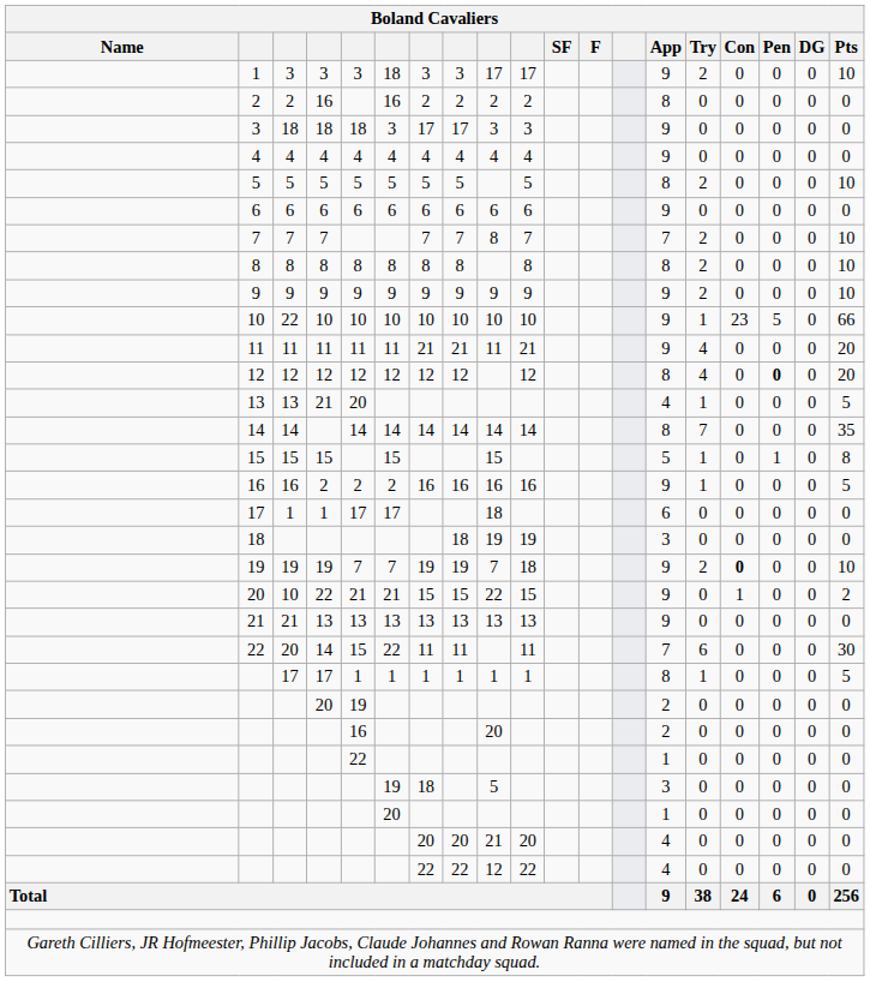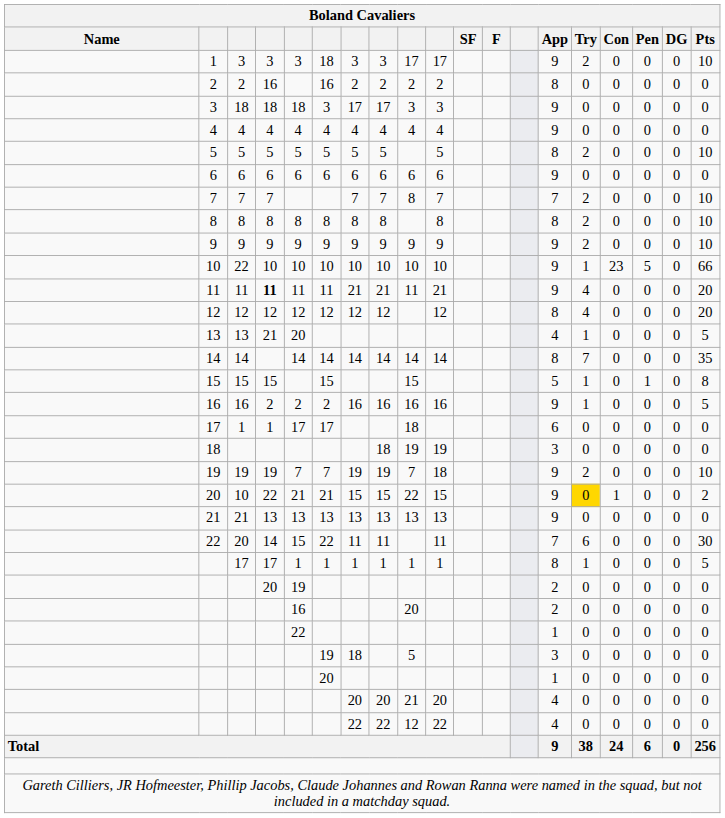 <table class="wikitable collapsible collapsed" style="text-align:center; font-size:100%; width:90%">
 <tr>
 <th colspan="100%">Boland Cavaliers</th>
 </tr>
 <tr>
 <th style="width:28%;">Name</th>
 <th style="width:4%;"></th>
 <th style="width:4%;"></th>
 <th style="width:4%;"></th>
 <th style="width:4%;"></th>
 <th style="width:4%;"></th>
 <th style="width:4%;"></th>
 <th style="width:4%;"></th>
 <th style="width:4%;"></th>
 <th style="width:4%;"></th>
 <th style="width:4%;">SF</th>
 <th style="width:4%;">F</th>
 <th style="width:4%;"></th>
 <th style="width:4%;">App</th>
 <th style="width:4%;">Try</th>
 <th style="width:4%;">Con</th>
 <th style="width:4%;">Pen</th>
 <th style="width:4%;">DG</th>
 <th style="width:4%;">Pts</th>
 </tr>
 <tr>
 <td style="text-align:left;"></td>
 <td>1</td>
 <td>3</td>
 <td>3</td>
 <td>3</td>
 <td>18 </td>
 <td>3</td>
 <td>3</td>
 <td>17 </td>
 <td>17 </td>
 <td></td>
 <td></td>
 <td style="background:#EBECF0;"></td>
 <td>9</td>
 <td>2</td>
 <td>0</td>
 <td>0</td>
 <td>0</td>
 <td>10</td>
 </tr>
 <tr>
 <td style="text-align:left;"></td>
 <td>2</td>
 <td>2</td>
 <td>16 </td>
 <td></td>
 <td>16 </td>
 <td>2</td>
 <td>2</td>
 <td>2</td>
 <td>2</td>
 <td></td>
 <td></td>
 <td style="background:#EBECF0;"></td>
 <td>8</td>
 <td>0</td>
 <td>0</td>
 <td>0</td>
 <td>0</td>
 <td>0</td>
 </tr>
 <tr>
 <td style="text-align:left;"></td>
 <td>3</td>
 <td>18 </td>
 <td>18 </td>
 <td>18 </td>
 <td>3</td>
 <td>17 </td>
 <td>17 </td>
 <td>3</td>
 <td>3</td>
 <td></td>
 <td></td>
 <td style="background:#EBECF0;"></td>
 <td>9</td>
 <td>0</td>
 <td>0</td>
 <td>0</td>
 <td>0</td>
 <td>0</td>
 </tr>
 <tr>
 <td style="text-align:left;"></td>
 <td>4</td>
 <td>4</td>
 <td>4</td>
 <td>4</td>
 <td>4</td>
 <td>4</td>
 <td>4</td>
 <td>4</td>
 <td>4</td>
 <td></td>
 <td></td>
 <td style="background:#EBECF0;"></td>
 <td>9</td>
 <td>0</td>
 <td>0</td>
 <td>0</td>
 <td>0</td>
 <td>0</td>
 </tr>
 <tr>
 <td style="text-align:left;"></td>
 <td>5</td>
 <td>5</td>
 <td>5</td>
 <td>5</td>
 <td>5</td>
 <td>5</td>
 <td>5</td>
 <td></td>
 <td>5</td>
 <td></td>
 <td></td>
 <td style="background:#EBECF0;"></td>
 <td>8</td>
 <td>2</td>
 <td>0</td>
 <td>0</td>
 <td>0</td>
 <td>10</td>
 </tr>
 <tr>
 <td style="text-align:left;"></td>
 <td>6</td>
 <td>6</td>
 <td>6</td>
 <td>6</td>
 <td>6</td>
 <td>6</td>
 <td>6</td>
 <td>6</td>
 <td>6</td>
 <td></td>
 <td></td>
 <td style="background:#EBECF0;"></td>
 <td>9</td>
 <td>0</td>
 <td>0</td>
 <td>0</td>
 <td>0</td>
 <td>0</td>
 </tr>
 <tr>
 <td style="text-align:left;"></td>
 <td>7</td>
 <td>7</td>
 <td>7</td>
 <td></td>
 <td></td>
 <td>7</td>
 <td>7</td>
 <td>8</td>
 <td>7</td>
 <td></td>
 <td></td>
 <td style="background:#EBECF0;"></td>
 <td>7</td>
 <td>2</td>
 <td>0</td>
 <td>0</td>
 <td>0</td>
 <td>10</td>
 </tr>
 <tr>
 <td style="text-align:left;"></td>
 <td>8</td>
 <td>8</td>
 <td>8</td>
 <td>8</td>
 <td>8</td>
 <td>8</td>
 <td>8</td>
 <td></td>
 <td>8</td>
 <td></td>
 <td></td>
 <td style="background:#EBECF0;"></td>
 <td>8</td>
 <td>2</td>
 <td>0</td>
 <td>0</td>
 <td>0</td>
 <td>10</td>
 </tr>
 <tr>
 <td style="text-align:left;"></td>
 <td>9</td>
 <td>9</td>
 <td>9</td>
 <td>9</td>
 <td>9</td>
 <td>9</td>
 <td>9</td>
 <td>9</td>
 <td>9</td>
 <td></td>
 <td></td>
 <td style="background:#EBECF0;"></td>
 <td>9</td>
 <td>2</td>
 <td>0</td>
 <td>0</td>
 <td>0</td>
 <td>10</td>
 </tr>
 <tr>
 <td style="text-align:left;"></td>
 <td>10</td>
 <td>22 </td>
 <td>10</td>
 <td>10</td>
 <td>10</td>
 <td>10</td>
 <td>10</td>
 <td>10</td>
 <td>10</td>
 <td></td>
 <td></td>
 <td style="background:#EBECF0;"></td>
 <td>9</td>
 <td>1</td>
 <td>23</td>
 <td>5</td>
 <td>0</td>
 <td>66</td>
 </tr>
 <tr>
 <td style="text-align:left;"></td>
 <td>11</td>
 <td>11</td>
-<td>11</td>
+<td><strong>11</strong></td>
 <td>11</td>
 <td>11</td>
 <td>21 </td>
 <td>21 </td>
 <td>11</td>
 <td>21 </td>
 <td></td>
 <td></td>
 <td style="background:#EBECF0;"></td>
 <td>9</td>
 <td>4</td>
 <td>0</td>
 <td>0</td>
 <td>0</td>
 <td>20</td>
 </tr>
 <tr>
 <td style="text-align:left;"></td>
 <td>12</td>
 <td>12</td>
 <td>12</td>
 <td>12</td>
 <td>12</td>
 <td>12</td>
 <td>12</td>
 <td></td>
 <td>12</td>
 <td></td>
 <td></td>
 <td style="background:#EBECF0;"></td>
 <td>8</td>
 <td>4</td>
 <td>0</td>
-<td><strong>0</strong></td>
+<td>0</td>
 <td>0</td>
 <td>20</td>
 </tr>
 <tr>
 <td style="text-align:left;"></td>
 <td>13</td>
 <td>13</td>
 <td>21 </td>
 <td>20 </td>
 <td></td>
 <td></td>
 <td></td>
 <td></td>
 <td></td>
 <td></td>
 <td></td>
 <td style="background:#EBECF0;"></td>
 <td>4</td>
 <td>1</td>
 <td>0</td>
 <td>0</td>
 <td>0</td>
 <td>5</td>
 </tr>
 <tr>
 <td style="text-align:left;"></td>
 <td>14</td>
 <td>14</td>
 <td></td>
 <td>14</td>
 <td>14</td>
 <td>14</td>
 <td>14</td>
 <td>14</td>
 <td>14</td>
 <td></td>
 <td></td>
 <td style="background:#EBECF0;"></td>
 <td>8</td>
 <td>7</td>
 <td>0</td>
 <td>0</td>
 <td>0</td>
 <td>35</td>
 </tr>
 <tr>
 <td style="text-align:left;"></td>
 <td>15</td>
 <td>15</td>
 <td>15</td>
 <td></td>
 <td>15</td>
 <td></td>
 <td></td>
 <td>15</td>
 <td></td>
 <td></td>
 <td></td>
 <td style="background:#EBECF0;"></td>
 <td>5</td>
 <td>1</td>
 <td>0</td>
 <td>1</td>
 <td>0</td>
 <td>8</td>
 </tr>
 <tr>
 <td style="text-align:left;"></td>
 <td>16 </td>
 <td>16 </td>
 <td>2</td>
 <td>2</td>
 <td>2</td>
 <td>16 </td>
 <td>16 </td>
 <td>16 </td>
 <td>16 </td>
 <td></td>
 <td></td>
 <td style="background:#EBECF0;"></td>
 <td>9</td>
 <td>1</td>
 <td>0</td>
 <td>0</td>
 <td>0</td>
 <td>5</td>
 </tr>
 <tr>
 <td style="text-align:left;"></td>
 <td>17 </td>
 <td>1</td>
 <td>1</td>
 <td>17 </td>
 <td>17 </td>
 <td></td>
 <td></td>
 <td>18 </td>
 <td></td>
 <td></td>
 <td></td>
 <td style="background:#EBECF0;"></td>
 <td>6</td>
 <td>0</td>
 <td>0</td>
 <td>0</td>
 <td>0</td>
 <td>0</td>
 </tr>
 <tr>
 <td style="text-align:left;"></td>
 <td>18</td>
 <td></td>
 <td></td>
 <td></td>
 <td></td>
 <td></td>
 <td>18 </td>
 <td>19 </td>
 <td>19 </td>
 <td></td>
 <td></td>
 <td style="background:#EBECF0;"></td>
 <td>3</td>
 <td>0</td>
 <td>0</td>
 <td>0</td>
 <td>0</td>
 <td>0</td>
 </tr>
 <tr>
 <td style="text-align:left;"></td>
 <td>19 </td>
 <td>19 </td>
 <td>19 </td>
 <td>7</td>
 <td>7</td>
 <td>19 </td>
 <td>19 </td>
 <td>7</td>
 <td>18 </td>
 <td></td>
 <td></td>
 <td style="background:#EBECF0;"></td>
 <td>9</td>
 <td>2</td>
-<td><strong>0</strong></td>
+<td>0</td>
 <td>0</td>
 <td>0</td>
 <td>10</td>
 </tr>
 <tr>
 <td style="text-align:left;"></td>
 <td>20 </td>
 <td>10</td>
 <td>22 </td>
 <td>21 </td>
 <td>21 </td>
 <td>15</td>
 <td>15</td>
 <td>22 </td>
 <td>15</td>
 <td></td>
 <td></td>
 <td style="background:#EBECF0;"></td>
 <td>9</td>
-<td>0</td>
+<td style="background: gold;">0</td>
 <td>1</td>
 <td>0</td>
 <td>0</td>
 <td>2</td>
 </tr>
 <tr>
 <td style="text-align:left;"></td>
 <td>21 </td>
 <td>21 </td>
 <td>13</td>
 <td>13</td>
 <td>13</td>
 <td>13</td>
 <td>13</td>
 <td>13</td>
 <td>13</td>
 <td></td>
 <td></td>
 <td style="background:#EBECF0;"></td>
 <td>9</td>
 <td>0</td>
 <td>0</td>
 <td>0</td>
 <td>0</td>
 <td>0</td>
 </tr>
 <tr>
 <td style="text-align:left;"></td>
 <td>22 </td>
 <td>20 </td>
 <td>14</td>
 <td>15</td>
 <td>22</td>
 <td>11</td>
 <td>11</td>
 <td></td>
 <td>11</td>
 <td></td>
 <td></td>
 <td style="background:#EBECF0;"></td>
 <td>7</td>
 <td>6</td>
 <td>0</td>
 <td>0</td>
 <td>0</td>
 <td>30</td>
 </tr>
 <tr>
 <td style="text-align:left;"></td>
 <td></td>
 <td>17 </td>
 <td>17 </td>
 <td>1</td>
 <td>1</td>
 <td>1</td>
 <td>1</td>
 <td>1</td>
 <td>1</td>
 <td></td>
 <td></td>
 <td style="background:#EBECF0;"></td>
 <td>8</td>
 <td>1</td>
 <td>0</td>
 <td>0</td>
 <td>0</td>
 <td>5</td>
 </tr>
 <tr>
 <td style="text-align:left;"></td>
 <td></td>
 <td></td>
 <td>20 </td>
 <td>19 </td>
 <td></td>
 <td></td>
 <td></td>
 <td></td>
 <td></td>
 <td></td>
 <td></td>
 <td style="background:#EBECF0;"></td>
 <td>2</td>
 <td>0</td>
 <td>0</td>
 <td>0</td>
 <td>0</td>
 <td>0</td>
 </tr>
 <tr>
 <td style="text-align:left;"></td>
 <td></td>
 <td></td>
 <td></td>
 <td>16 </td>
 <td></td>
 <td></td>
 <td></td>
 <td>20 </td>
 <td></td>
 <td></td>
 <td></td>
 <td style="background:#EBECF0;"></td>
 <td>2</td>
 <td>0</td>
 <td>0</td>
 <td>0</td>
 <td>0</td>
 <td>0</td>
 </tr>
 <tr>
 <td style="text-align:left;"></td>
 <td></td>
 <td></td>
 <td></td>
 <td>22 </td>
 <td></td>
 <td></td>
 <td></td>
 <td></td>
 <td></td>
 <td></td>
 <td></td>
 <td style="background:#EBECF0;"></td>
 <td>1</td>
 <td>0</td>
 <td>0</td>
 <td>0</td>
 <td>0</td>
 <td>0</td>
 </tr>
 <tr>
 <td style="text-align:left;"></td>
 <td></td>
 <td></td>
 <td></td>
 <td></td>
 <td>19 </td>
 <td>18 </td>
 <td></td>
 <td>5</td>
 <td></td>
 <td></td>
 <td></td>
 <td style="background:#EBECF0;"></td>
 <td>3</td>
 <td>0</td>
 <td>0</td>
 <td>0</td>
 <td>0</td>
 <td>0</td>
 </tr>
 <tr>
 <td style="text-align:left;"></td>
 <td></td>
 <td></td>
 <td></td>
 <td></td>
 <td>20 </td>
 <td></td>
 <td></td>
 <td></td>
 <td></td>
 <td></td>
 <td></td>
 <td style="background:#EBECF0;"></td>
 <td>1</td>
 <td>0</td>
 <td>0</td>
 <td>0</td>
 <td>0</td>
 <td>0</td>
 </tr>
 <tr>
 <td style="text-align:left;"></td>
 <td></td>
 <td></td>
 <td></td>
 <td></td>
 <td></td>
 <td>20 </td>
 <td>20 </td>
 <td>21 </td>
 <td>20 </td>
 <td></td>
 <td></td>
 <td style="background:#EBECF0;"></td>
 <td>4</td>
 <td>0</td>
 <td>0</td>
 <td>0</td>
 <td>0</td>
 <td>0</td>
 </tr>
 <tr>
 <td style="text-align:left;"></td>
 <td></td>
 <td></td>
 <td></td>
 <td></td>
 <td></td>
 <td>22 </td>
 <td>22 </td>
 <td>12</td>
 <td>22 </td>
 <td></td>
 <td></td>
 <td style="background:#EBECF0;"></td>
 <td>4</td>
 <td>0</td>
 <td>0</td>
 <td>0</td>
 <td>0</td>
 <td>0</td>
 </tr>
 <tr>
 <th colspan="12" style="text-align:left;">Total</th>
 <th style="background:#EBECF0;"></th>
 <th>9</th>
 <th>38</th>
 <th>24</th>
 <th>6</th>
 <th>0</th>
 <th>256</th>
 </tr>
 <tr class="sortbottom">
 <td colspan="100%" style="height: 10px;"></td>
 </tr>
 <tr class="sortbottom">
 <td colspan="100%" style="text-align:center;"><em>Gareth Cilliers, JR Hofmeester, Phillip Jacobs, Claude Johannes and Rowan Ranna were named in the squad, but not included in a matchday squad.</em></td>
 </tr>
 </table>
